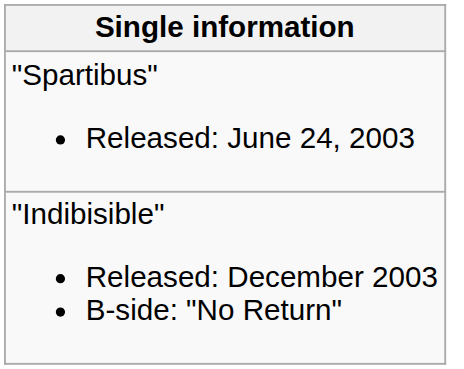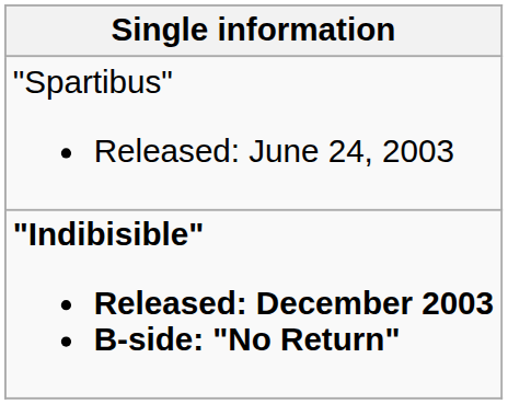 <table class="wikitable">
 <tr>
 <th>Single information</th>
 </tr>
 <tr>
 <td align="left">"Spartibus"<br><ul><li>Released: June 24, 2003</li></ul></td>
 </tr>
 <tr>
-<td align="left">"Indibisible"<br><ul><li>Released: December 2003</li><li>B-side: "No Return"</li></ul></td>
+<td align="left"><strong>"Indibisible"<br><ul><li>Released: December 2003</li><li>B-side: "No Return"</li></ul></strong></td>
 </tr>
 </table>
